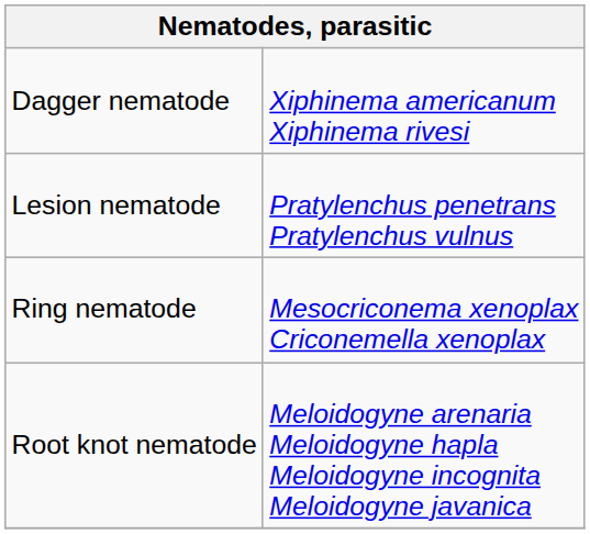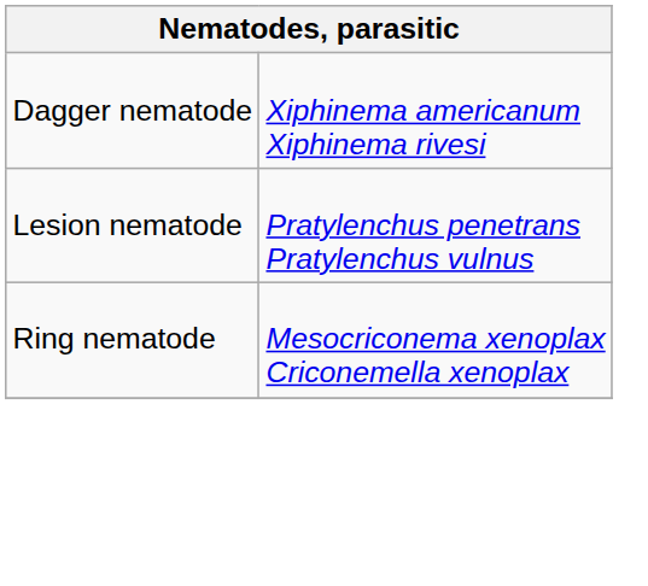 <table class="wikitable" style="clear">
 <tr>
 <th colspan=2><strong>Nematodes, parasitic</strong><br></th>
 </tr>
 <tr>
 <td>Dagger nematode</td>
 <td><br><em><a href='#'>Xiphinema americanum</a></em><br> <em><a href='#'>Xiphinema rivesi</a></em></td>
 </tr>
 <tr>
 <td>Lesion nematode</td>
 <td><br><em><a href='#'>Pratylenchus penetrans</a></em><br> <em><a href='#'>Pratylenchus vulnus</a></em></td>
 </tr>
 <tr>
 <td>Ring nematode</td>
 <td><br><em><a href='#'>Mesocriconema xenoplax</a></em> <br>  <em><a href='#'>Criconemella xenoplax</a></em></td>
 </tr>
 <tr>
-<td>Root knot nematode</td>
-<td><br><em><a href='#'>Meloidogyne arenaria</a></em><br> <em><a href='#'>Meloidogyne hapla</a></em><br> <em><a href='#'>Meloidogyne incognita</a></em><br> <em><a href='#'>Meloidogyne javanica</a></em></td>
-</tr>
-<tr>
 </tr>
 </table>
